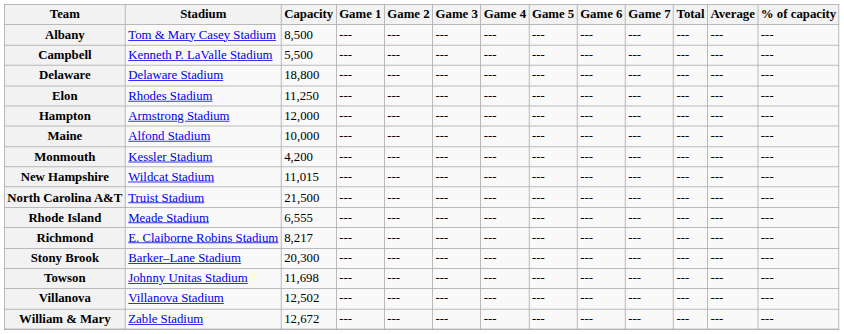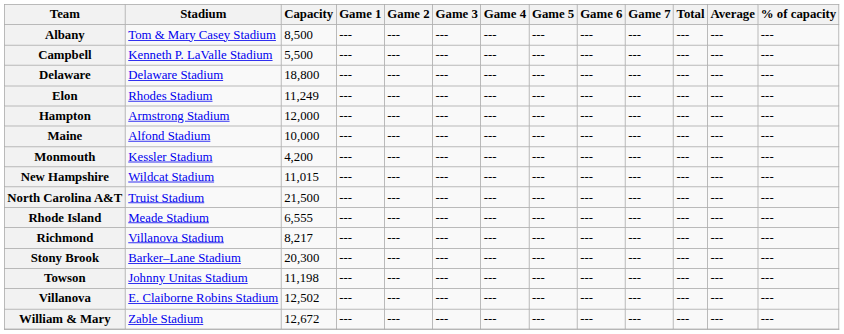 <table class="wikitable sortable">
 <tr>
 <th>Team</th>
 <th>Stadium</th>
 <th>Capacity</th>
 <th>Game 1</th>
 <th>Game 2</th>
 <th>Game 3</th>
 <th>Game 4</th>
 <th>Game 5</th>
 <th>Game 6</th>
 <th>Game 7</th>
 <th>Total</th>
 <th>Average</th>
 <th>% of capacity</th>
 </tr>
 <tr>
 <th>Albany</th>
 <td><a href='#'>Tom & Mary Casey Stadium</a></td>
 <td>8,500</td>
 <td>---</td>
 <td>---</td>
 <td>---</td>
 <td>---</td>
 <td>---</td>
 <td>---</td>
 <td>---</td>
 <td>---</td>
 <td>---</td>
 <td>---</td>
 </tr>
 <tr>
 <th>Campbell</th>
 <td><a href='#'>Kenneth P. LaValle Stadium</a></td>
 <td>5,500</td>
 <td>---</td>
 <td>---</td>
 <td>---</td>
 <td>---</td>
 <td>---</td>
 <td>---</td>
 <td>---</td>
 <td>---</td>
 <td>---</td>
 <td>---</td>
 </tr>
 <tr>
 <th>Delaware</th>
 <td><a href='#'>Delaware Stadium</a></td>
 <td>18,800</td>
 <td>---</td>
 <td>---</td>
 <td>---</td>
 <td>---</td>
 <td>---</td>
 <td>---</td>
 <td>---</td>
 <td>---</td>
 <td>---</td>
 <td>---</td>
 </tr>
 <tr>
 <th>Elon</th>
 <td><a href='#'>Rhodes Stadium</a></td>
-<td>11,250</td>
+<td>11,249</td>
 <td>---</td>
 <td>---</td>
 <td>---</td>
 <td>---</td>
 <td>---</td>
 <td>---</td>
 <td>---</td>
 <td>---</td>
 <td>---</td>
 <td>---</td>
 </tr>
 <tr>
 <th>Hampton</th>
 <td><a href='#'>Armstrong Stadium</a></td>
 <td>12,000</td>
 <td>---</td>
 <td>---</td>
 <td>---</td>
 <td>---</td>
 <td>---</td>
 <td>---</td>
 <td>---</td>
 <td>---</td>
 <td>---</td>
 <td>---</td>
 </tr>
 <tr>
 <th>Maine</th>
 <td><a href='#'>Alfond Stadium</a></td>
 <td>10,000</td>
 <td>---</td>
 <td>---</td>
 <td>---</td>
 <td>---</td>
 <td>---</td>
 <td>---</td>
 <td>---</td>
 <td>---</td>
 <td>---</td>
 <td>---</td>
 </tr>
 <tr>
 <th>Monmouth</th>
 <td><a href='#'>Kessler Stadium</a></td>
 <td>4,200</td>
 <td>---</td>
 <td>---</td>
 <td>---</td>
 <td>---</td>
 <td>---</td>
 <td>---</td>
 <td>---</td>
 <td>---</td>
 <td>---</td>
 <td>---</td>
 </tr>
 <tr>
 <th>New Hampshire</th>
 <td><a href='#'>Wildcat Stadium</a></td>
 <td>11,015</td>
 <td>---</td>
 <td>---</td>
 <td>---</td>
 <td>---</td>
 <td>---</td>
 <td>---</td>
 <td>---</td>
 <td>---</td>
 <td>---</td>
 <td>---</td>
 </tr>
 <tr>
 <th>North Carolina A&T</th>
 <td><a href='#'>Truist Stadium</a></td>
 <td>21,500</td>
 <td>---</td>
 <td>---</td>
 <td>---</td>
 <td>---</td>
 <td>---</td>
 <td>---</td>
 <td>---</td>
 <td>---</td>
 <td>---</td>
 <td>---</td>
 </tr>
 <tr>
 <th>Rhode Island</th>
 <td><a href='#'>Meade Stadium</a></td>
 <td>6,555</td>
 <td>---</td>
 <td>---</td>
 <td>---</td>
 <td>---</td>
 <td>---</td>
 <td>---</td>
 <td>---</td>
 <td>---</td>
 <td>---</td>
 <td>---</td>
 </tr>
 <tr>
 <th>Richmond</th>
-<td><a href='#'>E. Claiborne Robins Stadium</a></td>
+<td><a href='#'>Villanova Stadium</a></td>
 <td>8,217</td>
 <td>---</td>
 <td>---</td>
 <td>---</td>
 <td>---</td>
 <td>---</td>
 <td>---</td>
 <td>---</td>
 <td>---</td>
 <td>---</td>
 <td>---</td>
 </tr>
 <tr>
 <th>Stony Brook</th>
 <td><a href='#'>Barker–Lane Stadium</a></td>
 <td>20,300</td>
 <td>---</td>
 <td>---</td>
 <td>---</td>
 <td>---</td>
 <td>---</td>
 <td>---</td>
 <td>---</td>
 <td>---</td>
 <td>---</td>
 <td>---</td>
 </tr>
 <tr>
 <th>Towson</th>
 <td><a href='#'>Johnny Unitas Stadium</a></td>
-<td>11,698</td>
+<td>11,198</td>
 <td>---</td>
 <td>---</td>
 <td>---</td>
 <td>---</td>
 <td>---</td>
 <td>---</td>
 <td>---</td>
 <td>---</td>
 <td>---</td>
 <td>---</td>
 </tr>
 <tr>
 <th>Villanova</th>
-<td><a href='#'>Villanova Stadium</a></td>
+<td><a href='#'>E. Claiborne Robins Stadium</a></td>
 <td>12,502</td>
 <td>---</td>
 <td>---</td>
 <td>---</td>
 <td>---</td>
 <td>---</td>
 <td>---</td>
 <td>---</td>
 <td>---</td>
 <td>---</td>
 <td>---</td>
 </tr>
 <tr>
 <th>William & Mary</th>
 <td><a href='#'>Zable Stadium</a></td>
 <td>12,672</td>
 <td>---</td>
 <td>---</td>
 <td>---</td>
 <td>---</td>
 <td>---</td>
 <td>---</td>
 <td>---</td>
 <td>---</td>
 <td>---</td>
 <td>---</td>
 </tr>
 <tr>
 </tr>
 </table>
